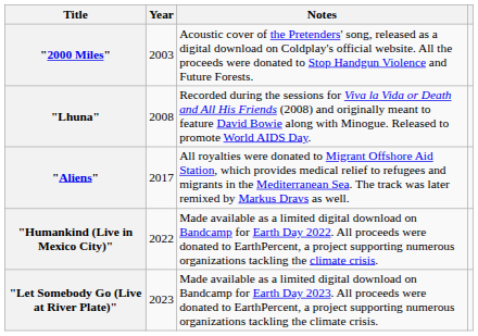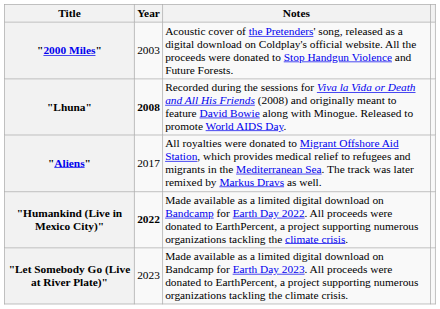 <table class="wikitable sortable plainrowheaders" style="text-align:center;">
 <tr>
 <th scope="col" style="width:18em;">Title</th>
 <th scope="col">Year</th>
 <th scope="col" style="width:46em;">Notes</th>
 <th scope="col" class="unsortable"></th>
 </tr>
 <tr>
 <th scope="row">"<a href='#'>2000 Miles</a>"</th>
 <td>2003</td>
 <td style="text-align:left;">Acoustic cover of <a href='#'>the Pretenders</a>' song, released as a digital download on Coldplay's official website. All the proceeds were donated to <a href='#'>Stop Handgun Violence</a> and Future Forests.</td>
 <td></td>
 </tr>
 <tr>
 <th scope="row">"Lhuna"<br></th>
-<td>2008</td>
+<td><strong>2008</strong></td>
 <td style="text-align:left;">Recorded during the sessions for <em><a href='#'>Viva la Vida or Death and All His Friends</a></em> (2008) and originally meant to feature <a href='#'>David Bowie</a> along with Minogue. Released to promote <a href='#'>World AIDS Day</a>.</td>
 <td></td>
 </tr>
 <tr>
 <th scope="row">"<a href='#'>Aliens</a>"</th>
 <td>2017</td>
 <td style="text-align:left;">All royalties were donated to <a href='#'>Migrant Offshore Aid Station</a>, which provides medical relief to refugees and migrants in the <a href='#'>Mediterranean Sea</a>. The track was later remixed by <a href='#'>Markus Dravs</a> as well.</td>
 <td></td>
 </tr>
 <tr>
 <th scope="row">"Humankind (Live in Mexico City)"</th>
-<td>2022</td>
+<td><strong>2022</strong></td>
 <td style="text-align:left;">Made available as a limited digital download on <a href='#'>Bandcamp</a> for <a href='#'>Earth Day 2022</a>. All proceeds were donated to EarthPercent, a project supporting numerous organizations tackling the <a href='#'>climate crisis</a>.</td>
 <td></td>
 </tr>
 <tr>
 <th scope="row">"Let Somebody Go (Live at River Plate)"<br></th>
 <td>2023</td>
 <td style="text-align:left;">Made available as a limited digital download on Bandcamp for <a href='#'>Earth Day 2023</a>. All proceeds were donated to EarthPercent, a project supporting numerous organizations tackling the climate crisis.</td>
 <td></td>
 </tr>
 </table>
